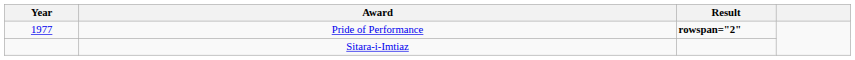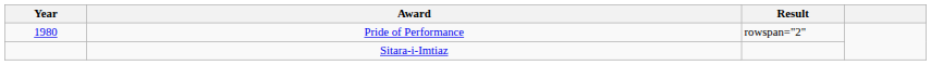 <table class="wikitable sortable" width=100%>
 <tr>
 <th width=5%>Year</th>
 <th style="width:40%;">Award</th>
 <th width=5%>Result</th>
 <th width=5%></th>
 </tr>
 <tr>
-<td style="text-align:center;"><a href='#'>1977</a></td>
+<td style="text-align:center;"><a href='#'>1980</a></td>
 <td style="text-align:center;"><a href='#'>Pride of Performance</a></td>
-<td><strong>rowspan="2"</strong></td>
+<td>rowspan="2"</td>
 <td rowspan="2"></td>
 </tr>
 <tr>
 <td></td>
 <td style="text-align:center;"><a href='#'>Sitara-i-Imtiaz</a></td>
 </tr>
 </table>
